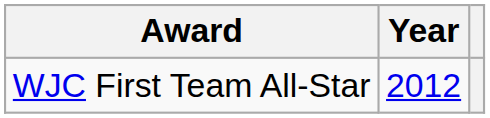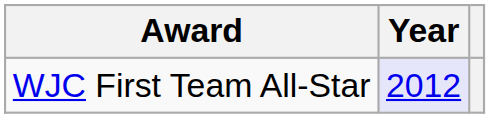 <table class="wikitable">
 <tr>
 <th>Award</th>
 <th>Year</th>
 <th></th>
 </tr>
 <tr>
 <td><a href='#'>WJC</a> First Team All-Star</td>
-<td><a href='#'>2012</a></td>
+<td style="background: lavender;"><a href='#'>2012</a></td>
 <th></th>
 </tr>
 </table>
